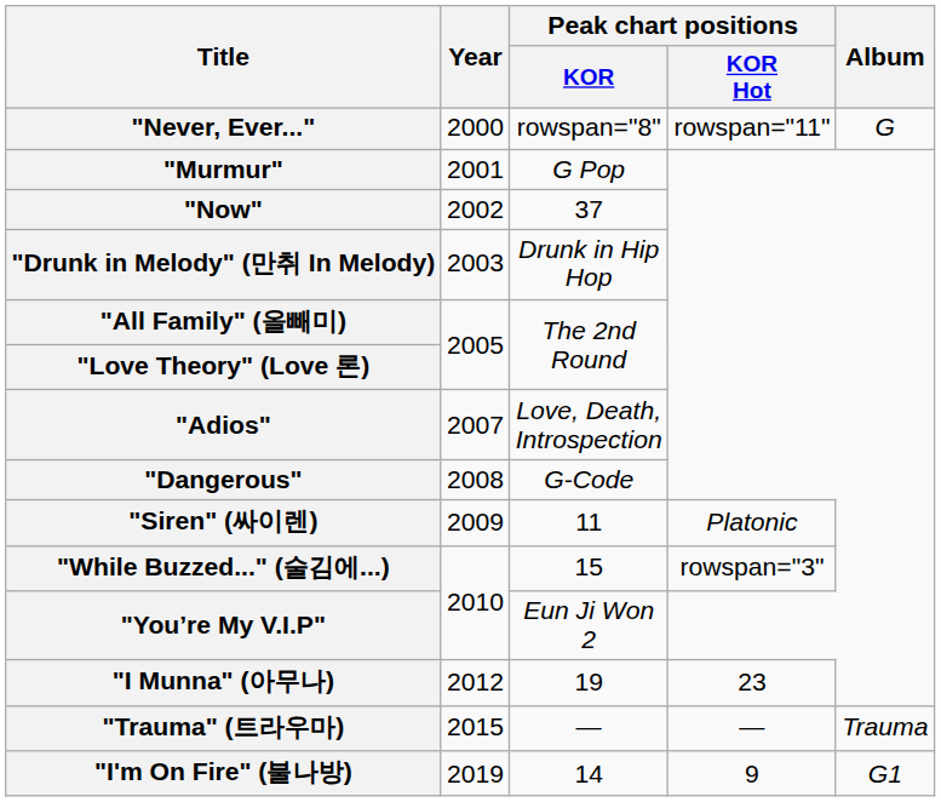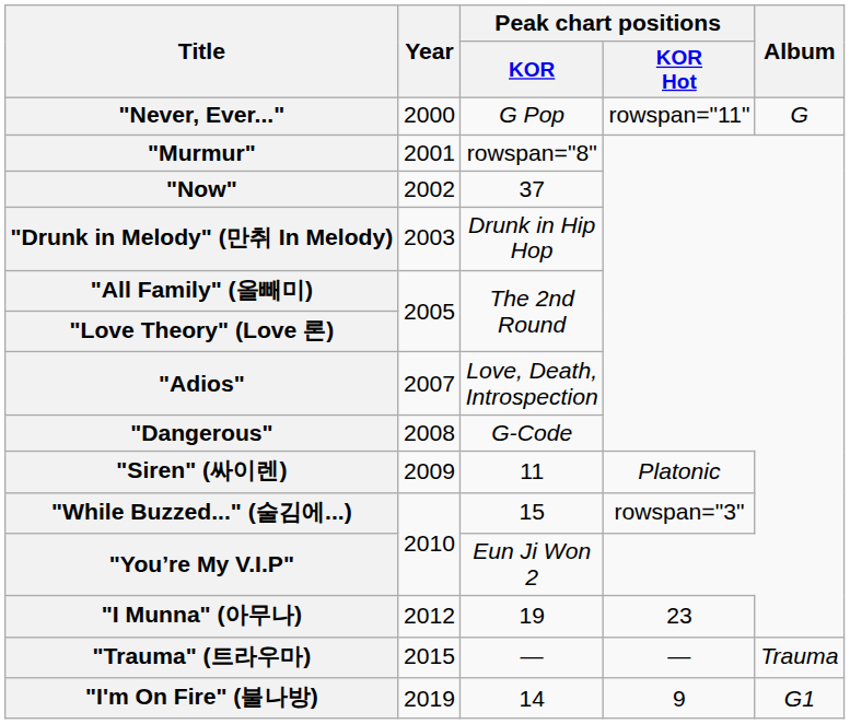 <table class="wikitable plainrowheaders" style="text-align:center;">
 <tr>
 <th scope="col" rowspan="2">Title</th>
 <th scope="col" rowspan="2">Year</th>
 <th scope="col" colspan="2">Peak chart positions</th>
 <th scope="col" rowspan="2">Album</th>
 </tr>
 <tr>
 <th style="width:2.5em;font-size:90%"><a href='#'>KOR</a><br></th>
 <th scope="col" style="width:2.5em;font-size:90%;"><a href='#'>KOR<br>Hot</a><br></th>
 </tr>
 <tr>
 <th scope="row">"Never, Ever..."</th>
 <td>2000</td>
-<td>rowspan="8" </td>
+<td><em>G Pop</em></td>
 <td>rowspan="11" </td>
 <td><em>G</em></td>
 </tr>
 <tr>
 <th scope="row">"Murmur"</th>
 <td>2001</td>
-<td><em>G Pop</em></td>
+<td>rowspan="8" </td>
 </tr>
 <tr>
 <th scope="row">"Now"</th>
 <td>2002</td>
 <td>37</td>
 </tr>
 <tr>
 <th scope="row">"Drunk in Melody" (만취 In Melody)</th>
 <td>2003</td>
 <td><em>Drunk in Hip Hop</em></td>
 </tr>
 <tr>
 <th scope="row">"All Family" (올빼미)</th>
 <td rowspan="2">2005</td>
 <td rowspan="2"><em>The 2nd Round</em></td>
 </tr>
 <tr>
 <th scope="row">"Love Theory" (Love 론) </th>
 </tr>
 <tr>
 <th scope="row">"Adios" </th>
 <td>2007</td>
 <td><em>Love, Death, Introspection</em></td>
 </tr>
 <tr>
 <th scope="row">"Dangerous"</th>
 <td>2008</td>
 <td><em>G-Code</em></td>
 </tr>
 <tr>
 <th scope="row">"Siren" (싸이렌) </th>
 <td>2009</td>
 <td>11</td>
 <td><em>Platonic</em></td>
 </tr>
 <tr>
 <th scope="row">"While Buzzed..." (술김에...)</th>
 <td rowspan="2">2010</td>
 <td>15</td>
 <td>rowspan="3" </td>
 </tr>
 <tr>
 <th scope="row">"You’re My V.I.P" </th>
 <td><em>Eun Ji Won 2</em></td>
 </tr>
 <tr>
 <th scope="row">"I Munna" (아무나) </th>
 <td>2012</td>
 <td>19</td>
 <td>23</td>
 </tr>
 <tr>
 <th scope="row">"Trauma" (트라우마) </th>
 <td>2015</td>
 <td>—</td>
 <td>—</td>
 <td><em>Trauma</em></td>
 </tr>
 <tr>
 <th scope="row">"I'm On Fire" (불나방) </th>
 <td>2019</td>
 <td>14</td>
 <td>9</td>
 <td><em>G1</em></td>
 </tr>
 </table>
